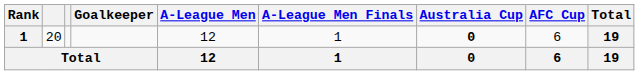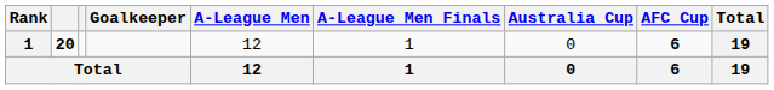 <table class="wikitable" style="text-align:center">
 <tr>
 <th>Rank</th>
 <th></th>
 <th></th>
 <th>Goalkeeper</th>
 <th><a href='#'>A-League Men</a></th>
 <th><a href='#'>A-League Men Finals</a></th>
 <th><a href='#'>Australia Cup</a></th>
 <th><a href='#'>AFC Cup</a></th>
 <th>Total</th>
 </tr>
 <tr>
 <th>1</th>
-<td>20</td>
+<td><strong>20</strong></td>
 <td></td>
 <td align="left"></td>
 <td>12</td>
 <td>1</td>
-<td><strong>0</strong></td>
-<td>6</td>
+<td>0</td>
+<td><strong>6</strong></td>
 <th>19</th>
 </tr>
 <tr>
 <th colspan="4">Total</th>
 <th>12</th>
 <th>1</th>
 <th>0</th>
 <th>6</th>
 <th>19</th>
 </tr>
 </table>
